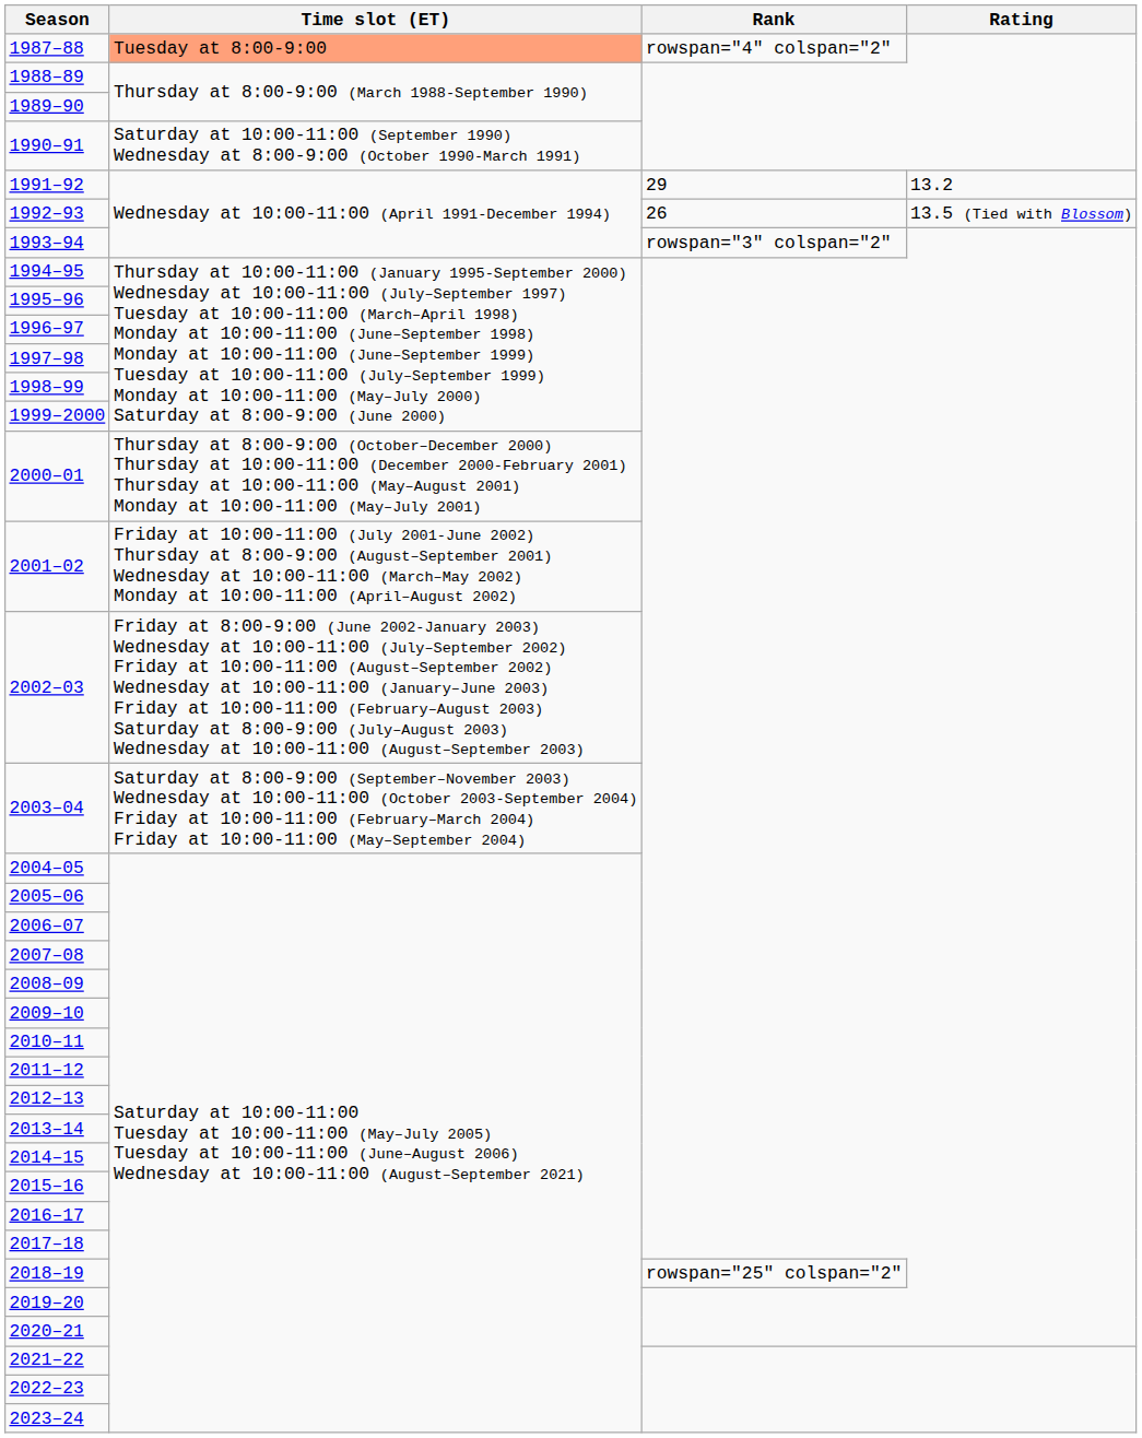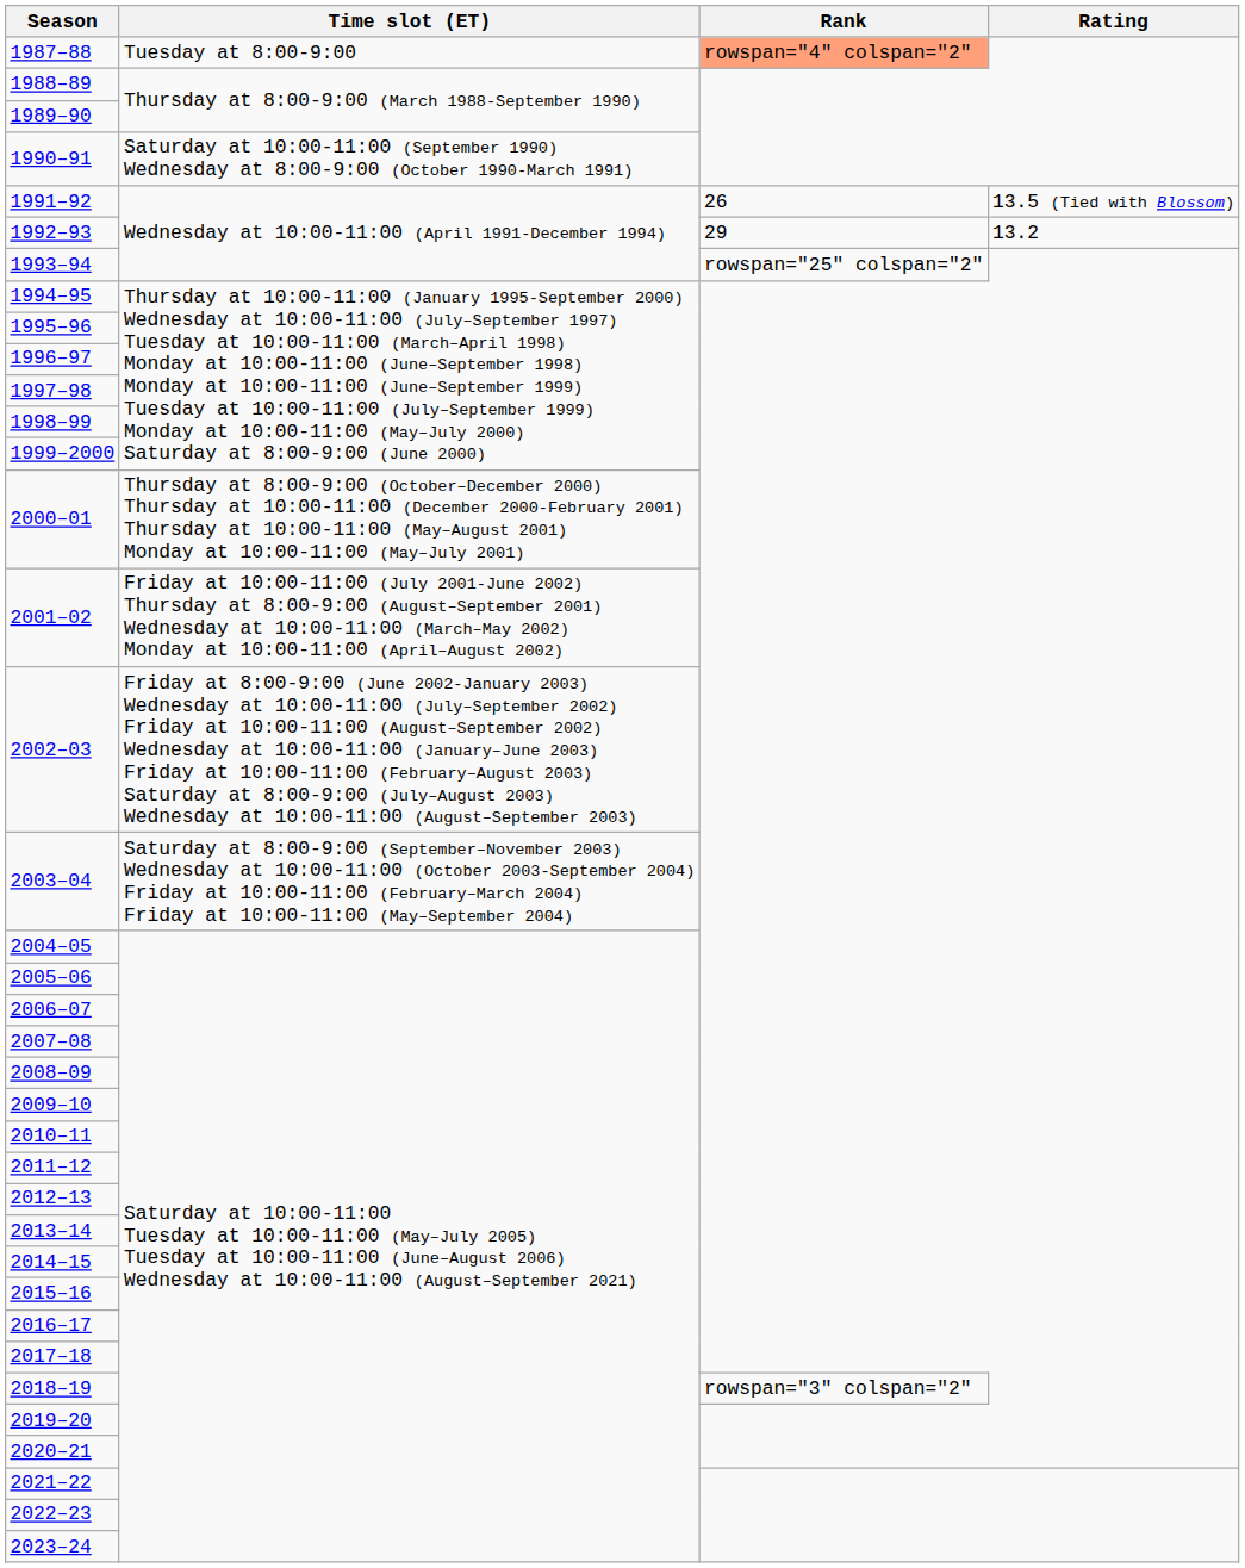 <table class="wikitable">
 <tr>
 <th>Season</th>
 <th>Time slot (ET)</th>
 <th>Rank</th>
 <th>Rating</th>
 </tr>
 <tr>
 <td><a href='#'>1987–88</a></td>
-<td style="background: lightsalmon;">Tuesday at 8:00-9:00</td>
-<td>rowspan="4" colspan="2" </td>
+<td>Tuesday at 8:00-9:00</td>
+<td style="background: lightsalmon;">rowspan="4" colspan="2" </td>
 </tr>
 <tr>
 <td><a href='#'>1988–89</a></td>
 <td rowspan="2">Thursday at 8:00-9:00 <small>(March 1988-September 1990)</small></td>
 </tr>
 <tr>
 <td><a href='#'>1989–90</a></td>
 </tr>
 <tr>
 <td><a href='#'>1990–91</a></td>
 <td>Saturday at 10:00-11:00 <small>(September 1990)</small><br>Wednesday at 8:00-9:00 <small>(October 1990-March 1991)</small></td>
 </tr>
 <tr>
 <td><a href='#'>1991–92</a></td>
 <td rowspan="3">Wednesday at 10:00-11:00 <small>(April 1991-December 1994)</small></td>
+<td>26</td>
+<td>13.5 <small>(Tied with <em><a href='#'>Blossom</a></em>)</small></td>
+</tr>
+<tr>
+<td><a href='#'>1992–93</a></td>
 <td>29</td>
 <td>13.2</td>
 </tr>
 <tr>
-<td><a href='#'>1992–93</a></td>
-<td>26</td>
-<td>13.5 <small>(Tied with <em><a href='#'>Blossom</a></em>)</small></td>
-</tr>
-<tr>
 <td><a href='#'>1993–94</a></td>
-<td>rowspan="3" colspan="2" </td>
+<td>rowspan="25" colspan="2" </td>
 </tr>
 <tr>
 <td><a href='#'>1994–95</a></td>
 <td rowspan="6">Thursday at 10:00-11:00 <small>(January 1995-September 2000)</small><br>Wednesday at 10:00-11:00 <small>(July–September 1997)</small><br>Tuesday at 10:00-11:00 <small>(March–April 1998)</small><br>Monday at 10:00-11:00 <small>(June–September 1998)</small><br>Monday at 10:00-11:00 <small>(June–September 1999)</small><br>Tuesday at 10:00-11:00 <small>(July–September 1999)</small><br>Monday at 10:00-11:00 <small>(May–July 2000)</small><br>Saturday at 8:00-9:00 <small>(June 2000)</small></td>
 </tr>
 <tr>
 <td><a href='#'>1995–96</a></td>
 </tr>
 <tr>
 <td><a href='#'>1996–97</a></td>
 </tr>
 <tr>
 <td><a href='#'>1997–98</a></td>
 </tr>
 <tr>
 <td><a href='#'>1998–99</a></td>
 </tr>
 <tr>
 <td><a href='#'>1999–2000</a></td>
 </tr>
 <tr>
 <td><a href='#'>2000–01</a></td>
 <td>Thursday at 8:00-9:00 <small>(October–December 2000)</small><br>Thursday at 10:00-11:00 <small>(December 2000-February 2001)</small><br>Thursday at 10:00-11:00 <small>(May–August 2001)</small><br>Monday at 10:00-11:00 <small>(May–July 2001)</small></td>
 </tr>
 <tr>
 <td><a href='#'>2001–02</a></td>
 <td>Friday at 10:00-11:00 <small>(July 2001-June 2002)</small><br>Thursday at 8:00-9:00 <small>(August–September 2001)</small><br>Wednesday at 10:00-11:00 <small>(March–May 2002)</small><br>Monday at 10:00-11:00 <small>(April–August 2002)</small></td>
 </tr>
 <tr>
 <td><a href='#'>2002–03</a></td>
 <td>Friday at 8:00-9:00 <small>(June 2002-January 2003)</small><br>Wednesday at 10:00-11:00 <small>(July–September 2002)</small><br>Friday at 10:00-11:00 <small>(August–September 2002)</small><br>Wednesday at 10:00-11:00 <small>(January–June 2003)</small><br>Friday at 10:00-11:00 <small>(February–August 2003)</small><br>Saturday at 8:00-9:00 <small>(July–August 2003)</small><br>Wednesday at 10:00-11:00 <small>(August–September 2003)</small></td>
 </tr>
 <tr>
 <td><a href='#'>2003–04</a></td>
 <td>Saturday at 8:00-9:00 <small>(September–November 2003)</small><br>Wednesday at 10:00-11:00 <small>(October 2003-September 2004)</small><br>Friday at 10:00-11:00 <small>(February–March 2004)</small><br>Friday at 10:00-11:00 <small>(May–September 2004)</small></td>
 </tr>
 <tr>
 <td><a href='#'>2004–05</a></td>
 <td rowspan="20">Saturday at 10:00-11:00<br>Tuesday at 10:00-11:00 <small>(May–July 2005)</small><br>Tuesday at 10:00-11:00 <small>(June–August 2006)</small><br>Wednesday at 10:00-11:00 <small>(August–September 2021)</small></td>
 </tr>
 <tr>
 <td><a href='#'>2005–06</a></td>
 </tr>
 <tr>
 <td><a href='#'>2006–07</a></td>
 </tr>
 <tr>
 <td><a href='#'>2007–08</a></td>
 </tr>
 <tr>
 <td><a href='#'>2008–09</a></td>
 </tr>
 <tr>
 <td><a href='#'>2009–10</a></td>
 </tr>
 <tr>
 <td><a href='#'>2010–11</a></td>
 </tr>
 <tr>
 <td><a href='#'>2011–12</a></td>
 </tr>
 <tr>
 <td><a href='#'>2012–13</a></td>
 </tr>
 <tr>
 <td><a href='#'>2013–14</a></td>
 </tr>
 <tr>
 <td><a href='#'>2014–15</a></td>
 </tr>
 <tr>
 <td><a href='#'>2015–16</a></td>
 </tr>
 <tr>
 <td><a href='#'>2016–17</a></td>
 </tr>
 <tr>
 <td><a href='#'>2017–18</a></td>
 </tr>
 <tr>
 <td><a href='#'>2018–19</a></td>
-<td>rowspan="25" colspan="2" </td>
+<td>rowspan="3" colspan="2" </td>
 </tr>
 <tr>
 <td><a href='#'>2019–20</a></td>
 </tr>
 <tr>
 <td><a href='#'>2020–21</a></td>
 </tr>
 <tr>
 <td><a href='#'>2021–22</a></td>
 <td colspan="2" rowspan="3"></td>
 </tr>
 <tr>
 <td><a href='#'>2022–23</a></td>
 </tr>
 <tr>
 <td><a href='#'>2023–24</a></td>
 </tr>
 </table>
